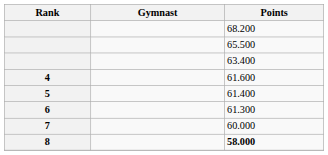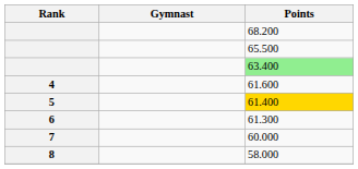 <table class="wikitable" width=500>
 <tr bgcolor="#efefef">
 <th>Rank</th>
 <th>Gymnast</th>
 <th>Points</th>
 </tr>
 <tr>
 <th></th>
 <td></td>
 <td>68.200</td>
 </tr>
 <tr>
 <th></th>
 <td></td>
 <td>65.500</td>
 </tr>
 <tr>
 <th></th>
 <td></td>
-<td>63.400</td>
+<td style="background: lightgreen;">63.400</td>
 </tr>
 <tr>
 <th>4</th>
 <td></td>
 <td>61.600</td>
 </tr>
 <tr>
 <th>5</th>
 <td></td>
-<td>61.400</td>
+<td style="background: gold;">61.400</td>
 </tr>
 <tr>
 <th>6</th>
 <td></td>
 <td>61.300</td>
 </tr>
 <tr>
 <th>7</th>
 <td></td>
 <td>60.000</td>
 </tr>
 <tr>
 <th>8</th>
 <td></td>
-<td><strong>58.000</strong></td>
+<td>58.000</td>
 </tr>
 <tr>
 </tr>
 </table>
